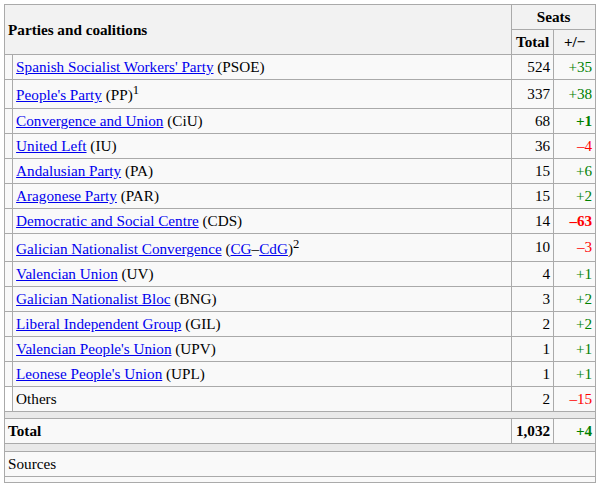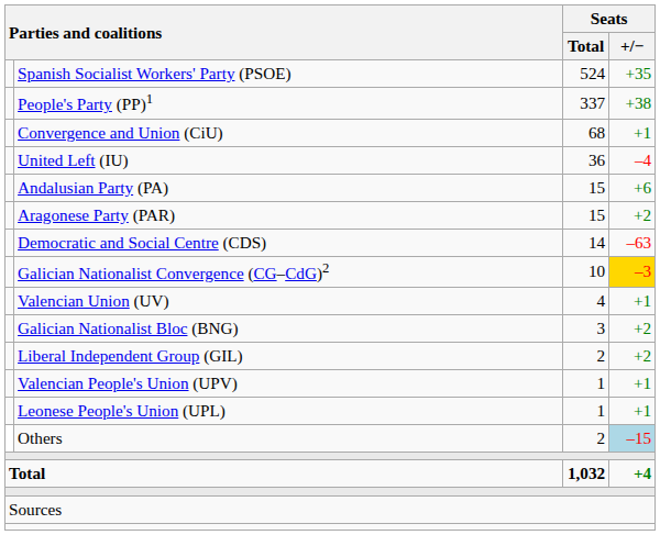 <table class="wikitable" style="text-align:right; font-size:95%;">
 <tr>
 <th style="text-align:left;" rowspan="2" colspan="2" width="500">Parties and coalitions</th>
 <th colspan="2">Seats</th>
 </tr>
 <tr>
 <th width="35">Total</th>
 <th width="35">+/−</th>
 </tr>
 <tr>
 <td width="1" style="color:inherit;background:"></td>
 <td align="left"><a href='#'>Spanish Socialist Workers' Party</a> (PSOE)</td>
 <td>524</td>
 <td style="color:green;">+35</td>
 </tr>
 <tr>
 <td style="color:inherit;background:"></td>
 <td align="left"><a href='#'>People's Party</a> (PP)<sup>1</sup></td>
 <td>337</td>
 <td style="color:green;">+38</td>
 </tr>
 <tr>
 <td style="color:inherit;background:"></td>
 <td align="left"><a href='#'>Convergence and Union</a> (CiU)</td>
 <td>68</td>
-<td style="color:green;"><strong>+1</strong></td>
+<td style="color:green;">+1</td>
 </tr>
 <tr>
 <td style="color:inherit;background:"></td>
 <td align="left"><a href='#'>United Left</a> (IU)</td>
 <td>36</td>
 <td style="color:red;">–4</td>
 </tr>
 <tr>
 <td style="color:inherit;background:"></td>
 <td align="left"><a href='#'>Andalusian Party</a> (PA)</td>
 <td>15</td>
 <td style="color:green;">+6</td>
 </tr>
 <tr>
 <td style="color:inherit;background:"></td>
 <td align="left"><a href='#'>Aragonese Party</a> (PAR)</td>
 <td>15</td>
 <td style="color:green;">+2</td>
 </tr>
 <tr>
 <td style="color:inherit;background:"></td>
 <td align="left"><a href='#'>Democratic and Social Centre</a> (CDS)</td>
 <td>14</td>
-<td style="color:red;"><strong>–63</strong></td>
+<td style="color:red;">–63</td>
 </tr>
 <tr>
 <td style="color:inherit;background:"></td>
 <td align="left"><a href='#'>Galician Nationalist Convergence</a> (<a href='#'>CG</a>–<a href='#'>CdG</a>)<sup>2</sup></td>
 <td>10</td>
-<td style="color:red;">–3</td>
+<td style="background: gold; color:red;">–3</td>
 </tr>
 <tr>
 <td style="color:inherit;background:"></td>
 <td align="left"><a href='#'>Valencian Union</a> (UV)</td>
 <td>4</td>
 <td style="color:green;">+1</td>
 </tr>
 <tr>
 <td style="color:inherit;background:"></td>
 <td align="left"><a href='#'>Galician Nationalist Bloc</a> (BNG)</td>
 <td>3</td>
 <td style="color:green;">+2</td>
 </tr>
 <tr>
 <td style="color:inherit;background:"></td>
 <td align="left"><a href='#'>Liberal Independent Group</a> (GIL)</td>
 <td>2</td>
 <td style="color:green;">+2</td>
 </tr>
 <tr>
 <td style="color:inherit;background:"></td>
 <td align="left"><a href='#'>Valencian People's Union</a> (UPV)</td>
 <td>1</td>
 <td style="color:green;">+1</td>
 </tr>
 <tr>
 <td style="color:inherit;background:"></td>
 <td align="left"><a href='#'>Leonese People's Union</a> (UPL)</td>
 <td>1</td>
 <td style="color:green;">+1</td>
 </tr>
 <tr>
 <td bgcolor="white"></td>
 <td align="left">Others</td>
 <td>2</td>
-<td style="color:red;">–15</td>
+<td style="background: lightblue; color:red;">–15</td>
 </tr>
 <tr>
 <td colspan="4" bgcolor="#E9E9E9"></td>
 </tr>
 <tr style="font-weight:bold;">
 <td align="left" colspan="2">Total</td>
 <td>1,032</td>
 <td style="color:green;">+4</td>
 </tr>
 <tr>
 <td colspan="4" bgcolor="#E9E9E9"></td>
 </tr>
 <tr>
 <td align="left" colspan="4">Sources</td>
 </tr>
 <tr>
 <td colspan="6" style="text-align:left;font-size:95%;max-width:790px;"></td>
 </tr>
 </table>
